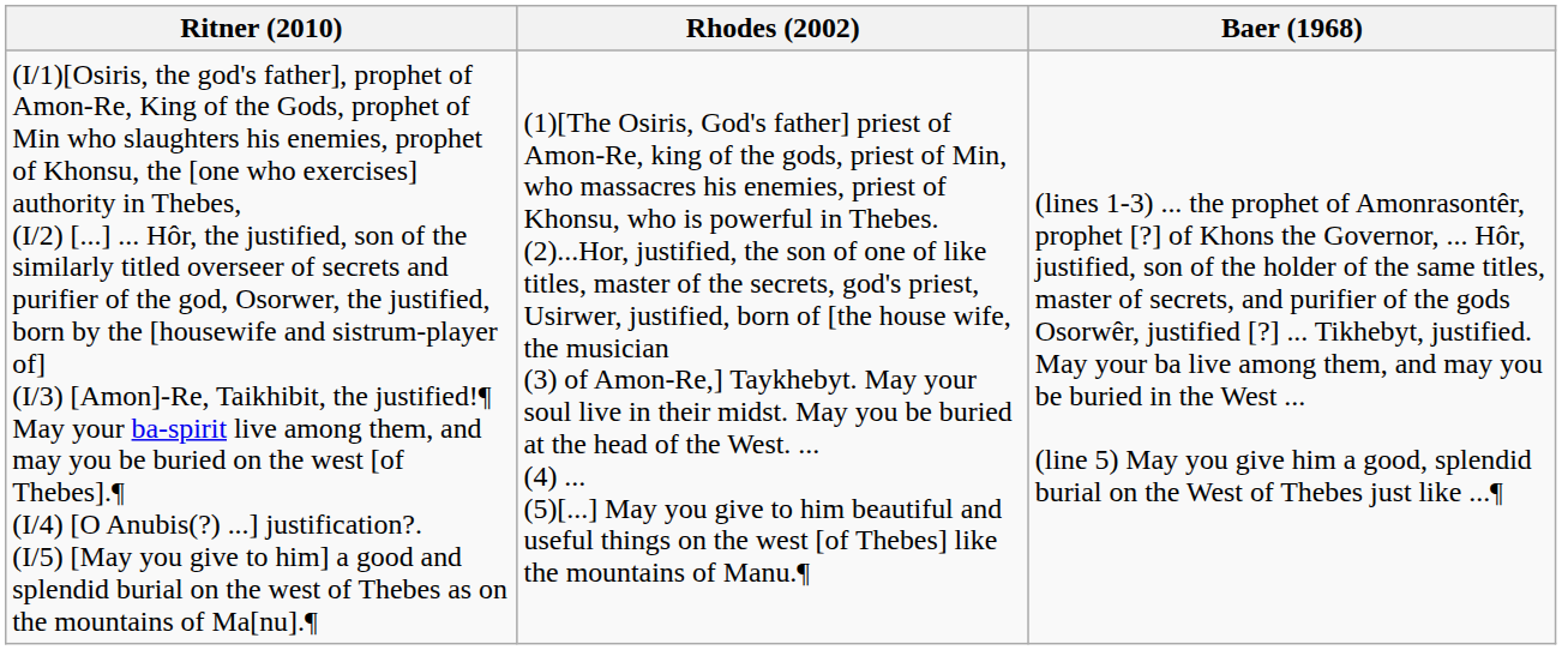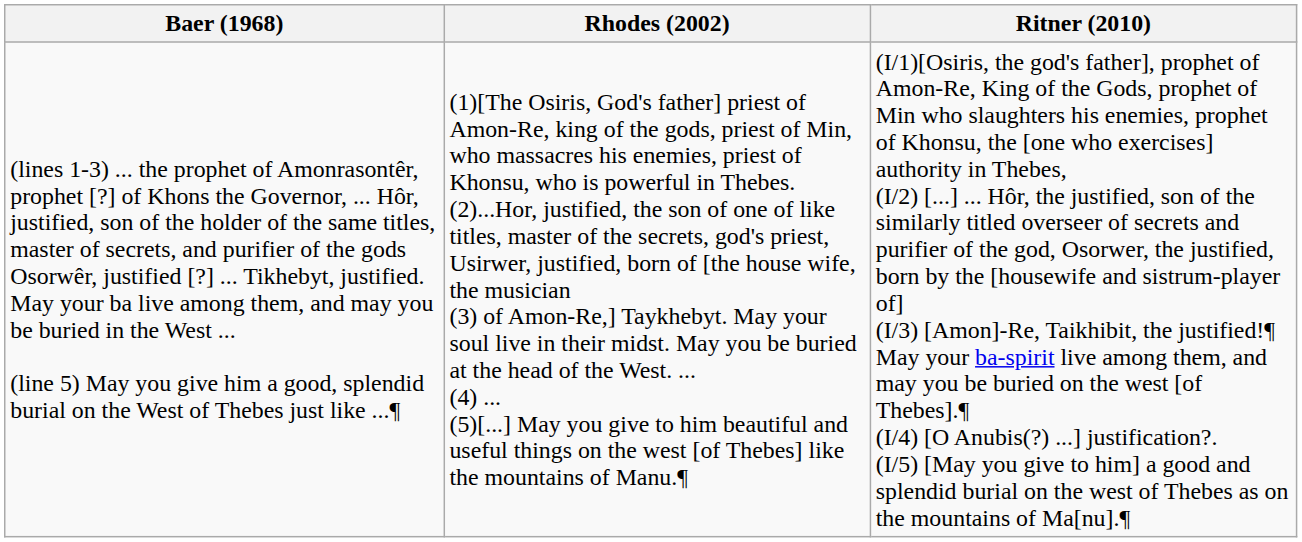 <table class="wikitable">
 <tr>
+<th style="width: 34%;">Baer (1968)</th>
+<th style="width: 33%;">Rhodes (2002)</th>
 <th style="width: 33%;">Ritner (2010)</th>
-<th style="width: 33%;">Rhodes (2002)</th>
-<th style="width: 34%;">Baer (1968)</th>
 </tr>
 <tr>
+<td>(lines 1-3) ... the prophet of Amonrasontêr, prophet [?] of Khons the Governor, ... Hôr, justified, son of the holder of the same titles, master of secrets, and purifier of the gods Osorwêr, justified [?] ... Tikhebyt, justified. May your ba live among them, and may you be buried in the West ... <br><br> (line 5) May you give him a good, splendid burial on the West of Thebes just like ...¶</td>
+<td>(1)[The Osiris, God's father] priest of Amon-Re, king of the gods, priest of Min, who massacres his enemies, priest of Khonsu, who is powerful in Thebes. <br>(2)...Hor, justified, the son of one of like titles, master of the secrets, god's priest, Usirwer, justified, born of [the house wife, the musician <br>(3) of Amon-Re,] Taykhebyt. May your soul live in their midst. May you be buried at the head of the West. ... <br>(4) ... <br>(5)[...] May you give to him beautiful and useful things on the west [of Thebes] like the mountains of Manu.¶</td>
 <td>(I/1)[Osiris, the god's father], prophet of Amon-Re, King of the Gods, prophet of Min who slaughters his enemies, prophet of Khonsu, the [one who exercises] authority in Thebes, <br> (I/2) [...] ... Hôr, the justified, son of the similarly titled overseer of secrets and purifier of the god, Osorwer, the justified, born by the [housewife and sistrum-player of] <br>(I/3) [Amon]-Re, Taikhibit, the justified!¶ <br> May your <a href='#'>ba-spirit</a> live among them, and may you be buried on the west [of Thebes].¶ <br> (I/4) [O Anubis(?) ...] justification?. <br>(I/5) [May you give to him] a good and splendid burial on the west of Thebes as on the mountains of Ma[nu].¶</td>
-<td>(1)[The Osiris, God's father] priest of Amon-Re, king of the gods, priest of Min, who massacres his enemies, priest of Khonsu, who is powerful in Thebes. <br>(2)...Hor, justified, the son of one of like titles, master of the secrets, god's priest, Usirwer, justified, born of [the house wife, the musician <br>(3) of Amon-Re,] Taykhebyt. May your soul live in their midst. May you be buried at the head of the West. ... <br>(4) ... <br>(5)[...] May you give to him beautiful and useful things on the west [of Thebes] like the mountains of Manu.¶</td>
-<td>(lines 1-3) ... the prophet of Amonrasontêr, prophet [?] of Khons the Governor, ... Hôr, justified, son of the holder of the same titles, master of secrets, and purifier of the gods Osorwêr, justified [?] ... Tikhebyt, justified. May your ba live among them, and may you be buried in the West ... <br><br> (line 5) May you give him a good, splendid burial on the West of Thebes just like ...¶</td>
 </tr>
 </table>
